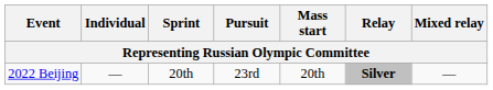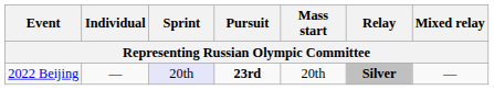 <table class="wikitable" style="text-align: center;">
 <tr>
 <th>Event</th>
 <th style="width:70px;">Individual</th>
 <th style="width:70px;">Sprint</th>
 <th style="width:70px;">Pursuit</th>
 <th style="width:70px;">Mass start</th>
 <th style="width:70px;">Relay</th>
 <th>Mixed relay</th>
 </tr>
 <tr>
 <th colspan=7>Representing  Russian Olympic Committee</th>
 </tr>
 <tr>
 <td align=left> <a href='#'>2022 Beijing</a></td>
 <td>―</td>
-<td>20th</td>
-<td>23rd</td>
+<td style="background: lavender;">20th</td>
+<td><strong>23rd</strong></td>
 <td>20th</td>
 <td style="background:silver;"><strong>Silver</strong></td>
 <td>―</td>
 </tr>
 </table>
